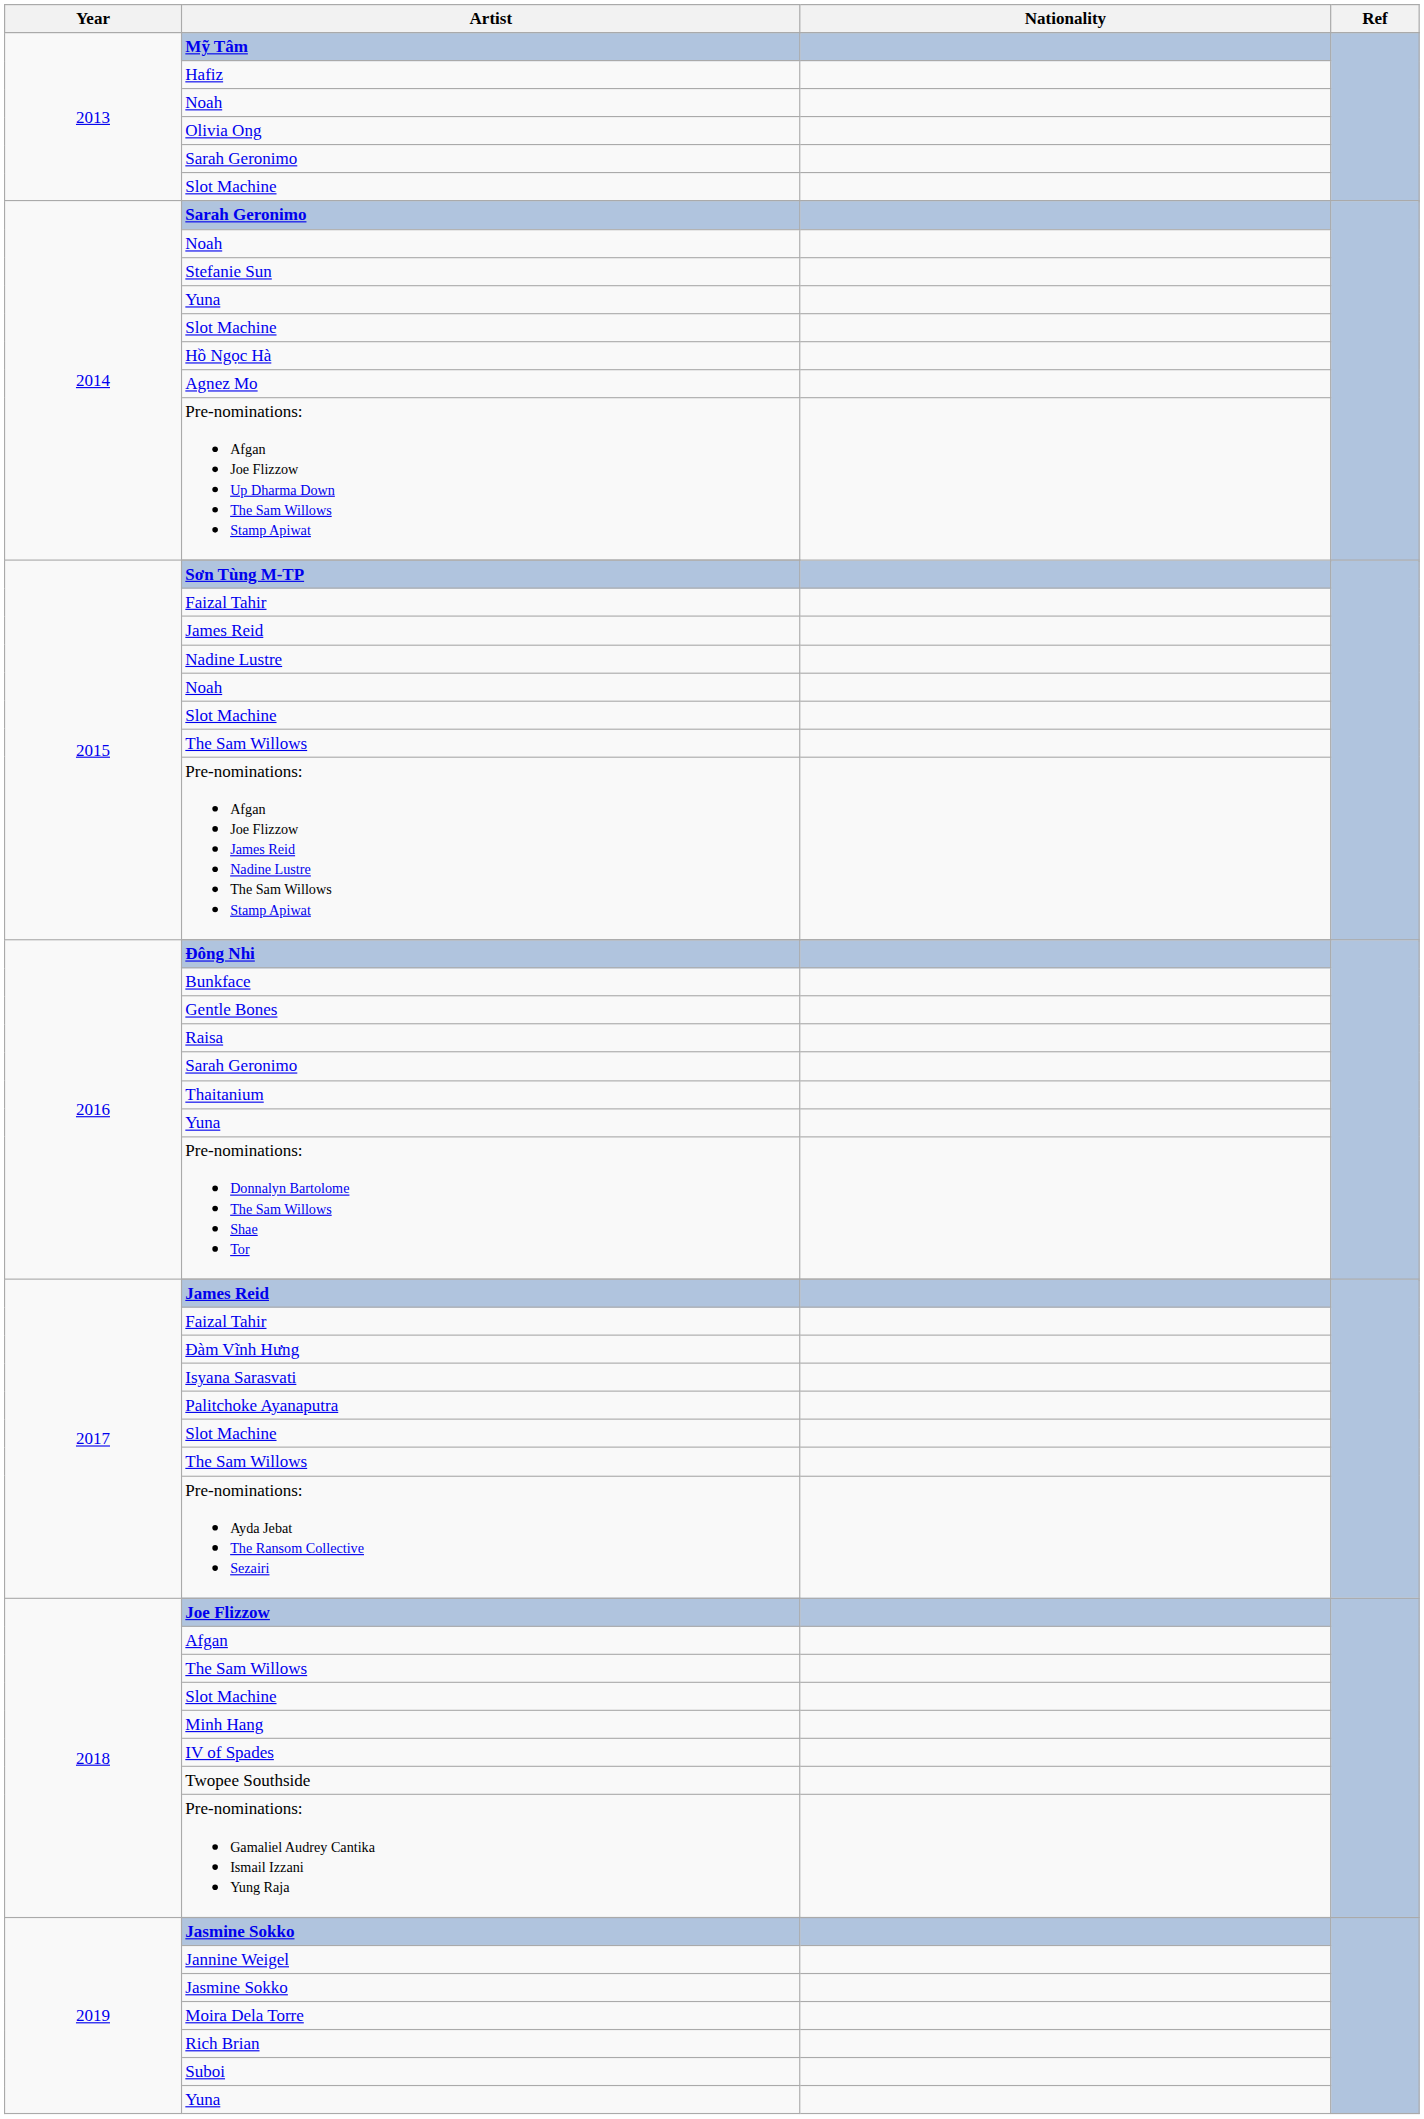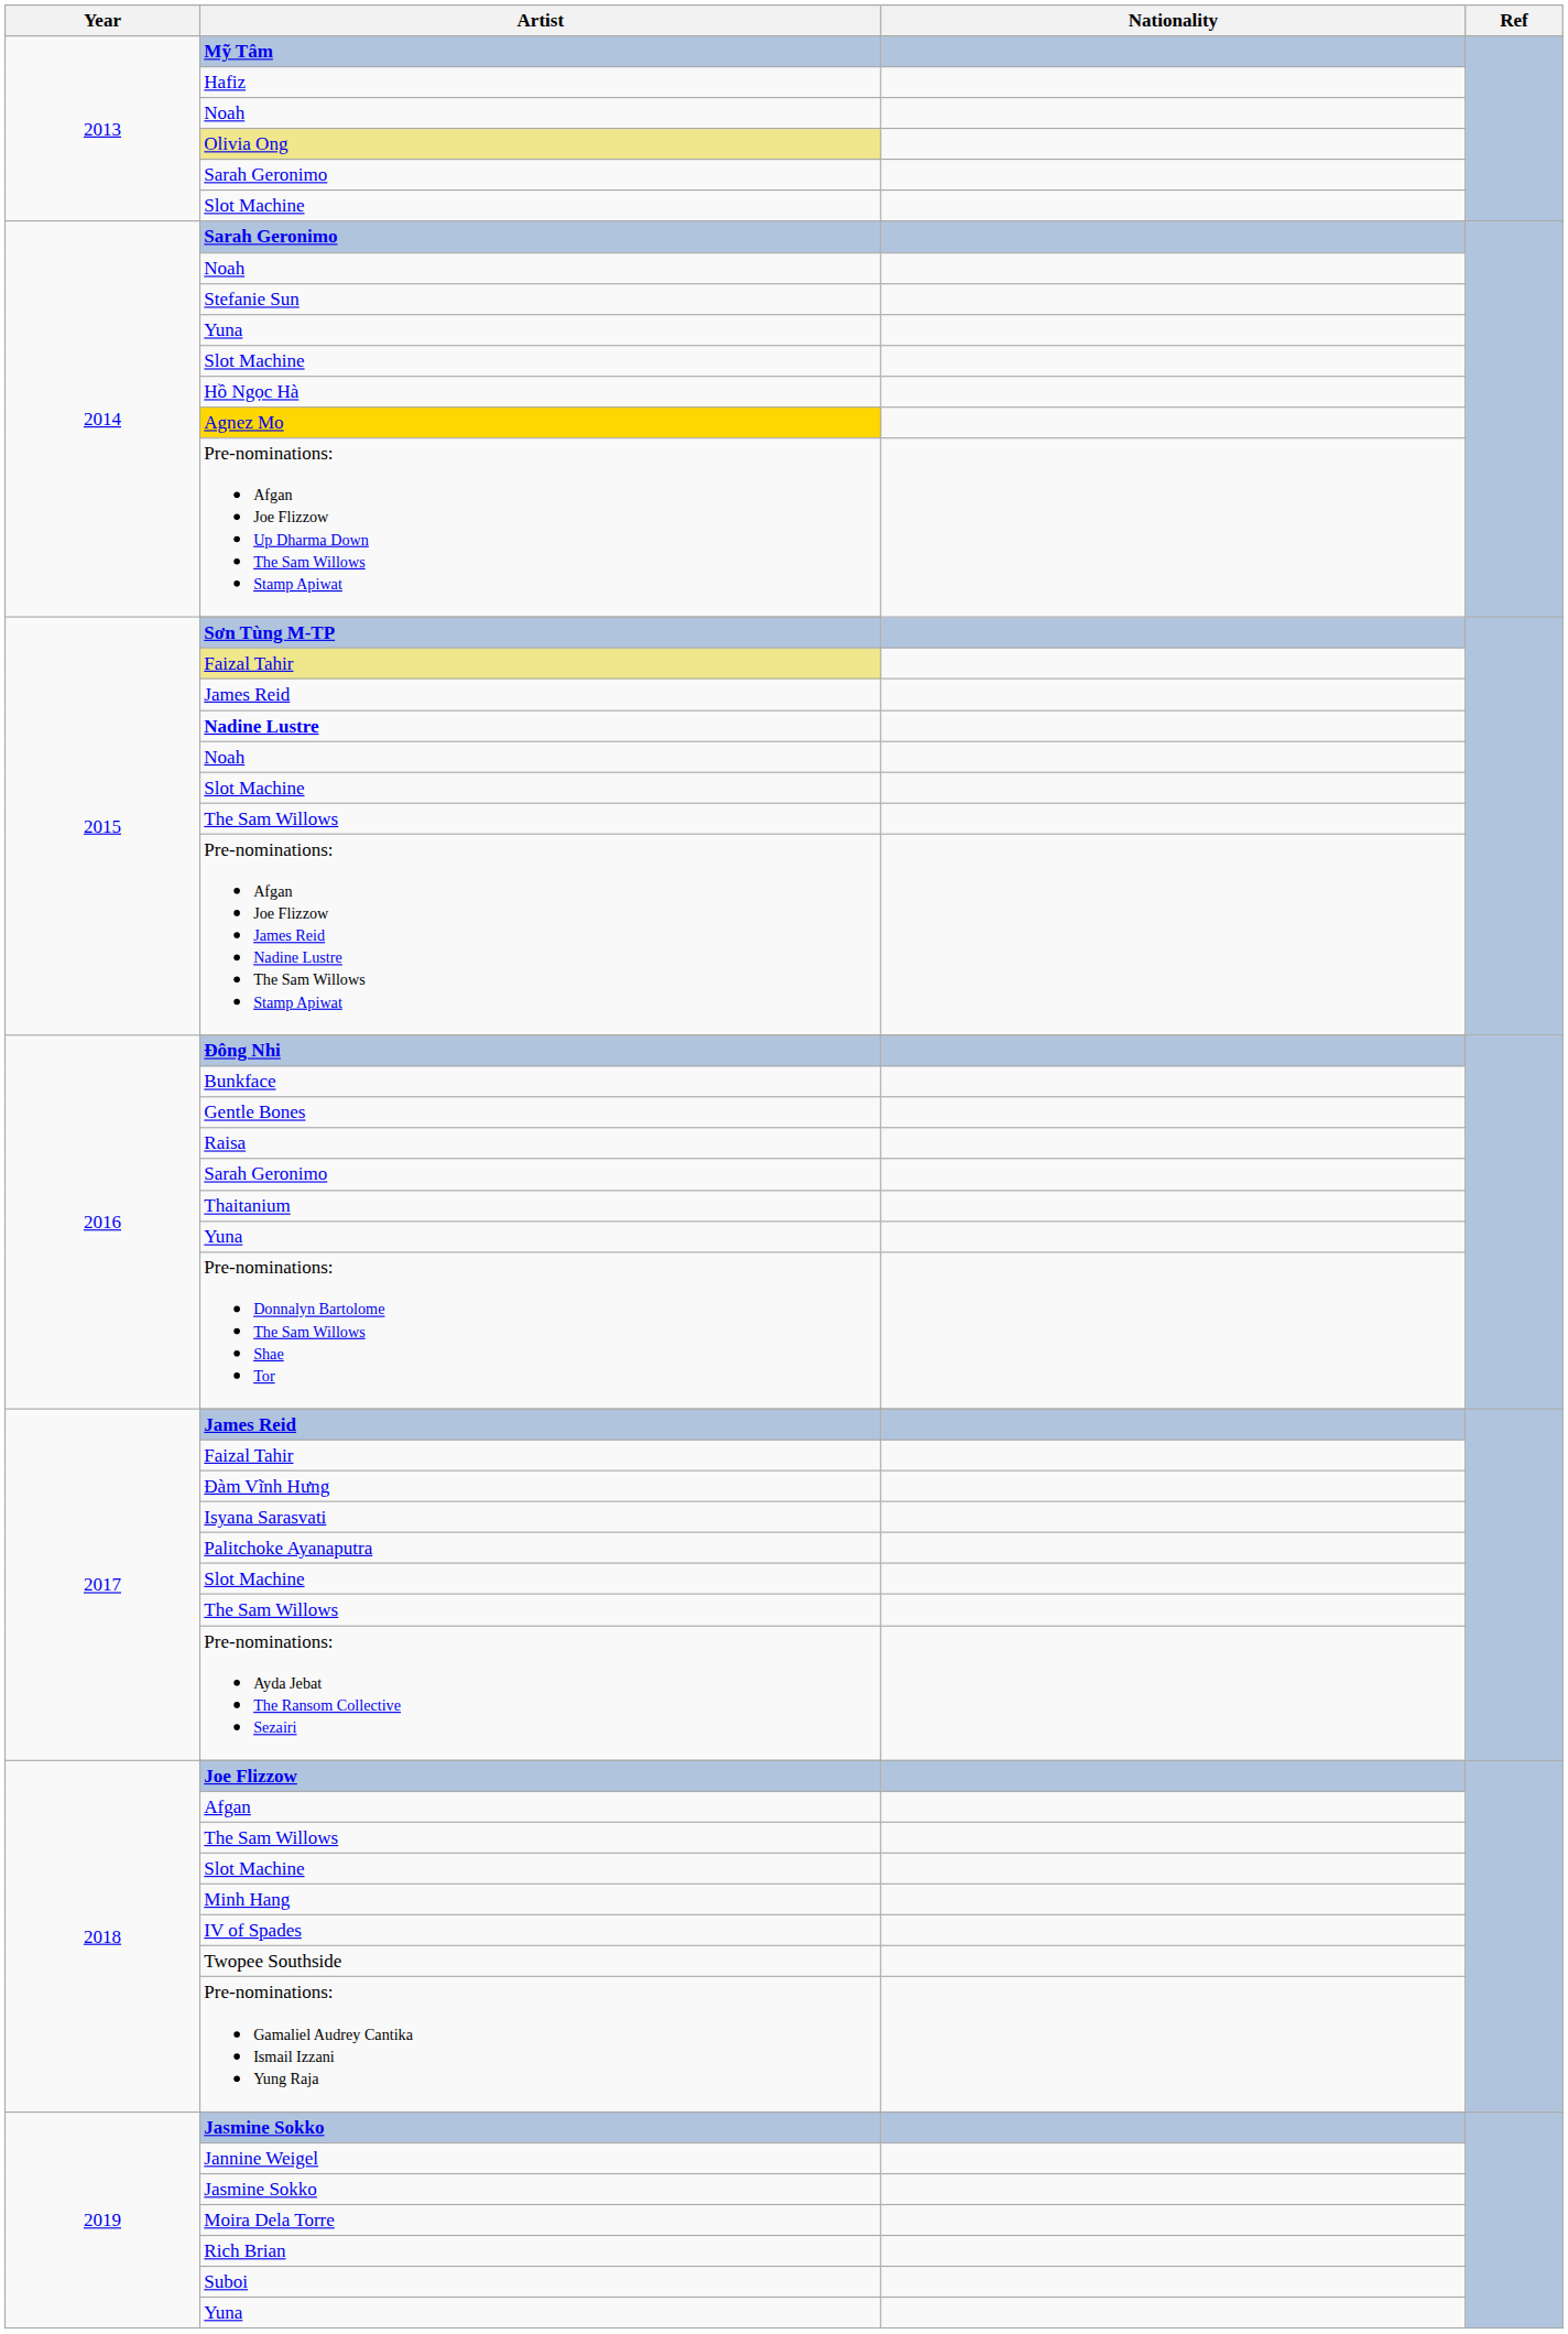 <table class="wikitable sortable plainrowheaders" style="font-size:95%; width:100%;">
 <tr style="background:#bebebe;">
 <th style="width:10%;">Year</th>
 <th style="width:35%;">Artist</th>
 <th style="width:30%;">Nationality</th>
 <th style="width:5%;">Ref</th>
 </tr>
 <tr>
 <td rowspan="7" align="center"><a href='#'>2013</a></td>
 </tr>
 <tr style="background:#B0C4DE">
 <td><strong><a href='#'>Mỹ Tâm</a></strong></td>
 <td><strong></strong></td>
 <td rowspan="7" align="center"></td>
 </tr>
 <tr>
 <td><a href='#'>Hafiz</a></td>
 <td></td>
 </tr>
 <tr>
 <td><a href='#'>Noah</a></td>
 <td></td>
 </tr>
 <tr>
-<td><a href='#'>Olivia Ong</a></td>
+<td style="background: khaki;"><a href='#'>Olivia Ong</a></td>
 <td></td>
 </tr>
 <tr>
 <td><a href='#'>Sarah Geronimo</a></td>
 <td></td>
 </tr>
 <tr>
 <td><a href='#'>Slot Machine</a></td>
 <td></td>
 </tr>
 <tr>
 <td rowspan="9" align="center"><a href='#'>2014</a></td>
 </tr>
 <tr style="background:#B0C4DE">
 <td><strong><a href='#'>Sarah Geronimo</a></strong></td>
 <td><strong></strong></td>
 <td rowspan="9" align="center"></td>
 </tr>
 <tr>
 <td><a href='#'>Noah</a></td>
 <td></td>
 </tr>
 <tr>
 <td><a href='#'>Stefanie Sun</a></td>
 <td></td>
 </tr>
 <tr>
 <td><a href='#'>Yuna</a></td>
 <td></td>
 </tr>
 <tr>
 <td><a href='#'>Slot Machine</a></td>
 <td></td>
 </tr>
 <tr>
 <td><a href='#'>Hồ Ngọc Hà</a></td>
 <td></td>
 </tr>
 <tr>
-<td><a href='#'>Agnez Mo</a></td>
+<td style="background: gold;"><a href='#'>Agnez Mo</a></td>
 <td></td>
 </tr>
 <tr>
 <td>Pre-nominations:<br><ul><li><small>Afgan</small></li><li><small>Joe Flizzow</small></li><li><small><a href='#'>Up Dharma Down</a></small></li><li><small><a href='#'>The Sam Willows</a></small></li><li><small><a href='#'>Stamp Apiwat</a></small></li></ul></td>
 </tr>
 <tr>
 <td rowspan="9" align="center"><a href='#'>2015</a></td>
 </tr>
 <tr style="background:#B0C4DE">
 <td><strong><a href='#'>Sơn Tùng M-TP</a></strong></td>
 <td><strong></strong></td>
 <td rowspan="9" align="center"></td>
 </tr>
 <tr>
-<td><a href='#'>Faizal Tahir</a></td>
+<td style="background: khaki;"><a href='#'>Faizal Tahir</a></td>
 <td></td>
 </tr>
 <tr>
 <td><a href='#'>James Reid</a></td>
 <td></td>
 </tr>
 <tr>
-<td><a href='#'>Nadine Lustre</a></td>
+<td><strong><a href='#'>Nadine Lustre</a></strong></td>
 <td></td>
 </tr>
 <tr>
 <td><a href='#'>Noah</a></td>
 <td></td>
 </tr>
 <tr>
 <td><a href='#'>Slot Machine</a></td>
 <td></td>
 </tr>
 <tr>
 <td><a href='#'>The Sam Willows</a></td>
 <td></td>
 </tr>
 <tr>
 <td>Pre-nominations:<br><ul><li><small>Afgan</small></li><li><small>Joe Flizzow</small></li><li><small><a href='#'>James Reid</a></small></li><li><small><a href='#'>Nadine Lustre</a></small></li><li><small>The Sam Willows</small></li><li><small><a href='#'>Stamp Apiwat</a></small></li></ul></td>
 <td></td>
 </tr>
 <tr>
 <td rowspan="9" align="center"><a href='#'>2016</a></td>
 </tr>
 <tr style="background:#B0C4DE">
 <td><strong><a href='#'>Đông Nhi</a></strong></td>
 <td><strong></strong></td>
 <td rowspan="9" align="center"></td>
 </tr>
 <tr>
 <td><a href='#'>Bunkface</a></td>
 <td></td>
 </tr>
 <tr>
 <td><a href='#'>Gentle Bones</a></td>
 <td></td>
 </tr>
 <tr>
 <td><a href='#'>Raisa</a></td>
 <td></td>
 </tr>
 <tr>
 <td><a href='#'>Sarah Geronimo</a></td>
 <td></td>
 </tr>
 <tr>
 <td><a href='#'>Thaitanium</a></td>
 <td></td>
 </tr>
 <tr>
 <td><a href='#'>Yuna</a></td>
 <td></td>
 </tr>
 <tr>
 <td>Pre-nominations:<br><ul><li><small><a href='#'>Donnalyn Bartolome</a></small></li><li><small><a href='#'>The Sam Willows</a></small></li><li><small><a href='#'>Shae</a></small></li><li><small><a href='#'>Tor</a></small></li></ul></td>
 <td></td>
 </tr>
 <tr>
 <td rowspan="9" align="center"><a href='#'>2017</a></td>
 </tr>
 <tr style="background:#B0C4DE">
 <td><strong><a href='#'>James Reid</a></strong></td>
 <td><strong></strong></td>
 <td rowspan="9" align="center"></td>
 </tr>
 <tr>
 <td><a href='#'>Faizal Tahir</a></td>
 <td></td>
 </tr>
 <tr>
 <td><a href='#'>Đàm Vĩnh Hưng</a></td>
 <td></td>
 </tr>
 <tr>
 <td><a href='#'>Isyana Sarasvati</a></td>
 <td></td>
 </tr>
 <tr>
 <td><a href='#'>Palitchoke Ayanaputra</a></td>
 <td></td>
 </tr>
 <tr>
 <td><a href='#'>Slot Machine</a></td>
 <td></td>
 </tr>
 <tr>
 <td><a href='#'>The Sam Willows</a></td>
 <td></td>
 </tr>
 <tr>
 <td>Pre-nominations:<br><ul><li><small>Ayda Jebat</small></li><li><small><a href='#'>The Ransom Collective</a></small></li><li><small><a href='#'>Sezairi</a></small></li></ul></td>
 </tr>
 <tr>
 <td rowspan="9" align="center"><a href='#'>2018</a></td>
 </tr>
 <tr style="background:#B0C4DE">
 <td><strong><a href='#'>Joe Flizzow</a></strong></td>
 <td><strong></strong></td>
 <td rowspan="9" align="center"></td>
 </tr>
 <tr>
 <td><a href='#'>Afgan</a></td>
 <td></td>
 </tr>
 <tr>
 <td><a href='#'>The Sam Willows</a></td>
 <td></td>
 </tr>
 <tr>
 <td><a href='#'>Slot Machine</a></td>
 <td></td>
 </tr>
 <tr>
 <td><a href='#'>Minh Hang</a></td>
 <td></td>
 </tr>
 <tr>
 <td><a href='#'>IV of Spades</a></td>
 <td></td>
 </tr>
 <tr>
 <td>Twopee Southside</td>
 <td></td>
 </tr>
 <tr>
 <td>Pre-nominations:<br><ul><li><small>Gamaliel Audrey Cantika</small></li><li><small>Ismail Izzani</small></li><li><small>Yung Raja</small></li></ul></td>
 <td></td>
 </tr>
 <tr>
 <td rowspan="8" align="center"><a href='#'>2019</a></td>
 </tr>
 <tr style="background:#B0C4DE">
 <td><strong><a href='#'>Jasmine Sokko</a></strong></td>
 <td><strong></strong></td>
 <td rowspan="8" align="center"></td>
 </tr>
 <tr>
 <td><a href='#'>Jannine Weigel</a></td>
 <td></td>
 </tr>
 <tr>
 <td><a href='#'>Jasmine Sokko</a></td>
 <td></td>
 </tr>
 <tr>
 <td><a href='#'>Moira Dela Torre</a></td>
 <td></td>
 </tr>
 <tr>
 <td><a href='#'>Rich Brian</a></td>
 <td></td>
 </tr>
 <tr>
 <td><a href='#'>Suboi</a></td>
 <td></td>
 </tr>
 <tr>
 <td><a href='#'>Yuna</a></td>
 <td></td>
 </tr>
 </table>
